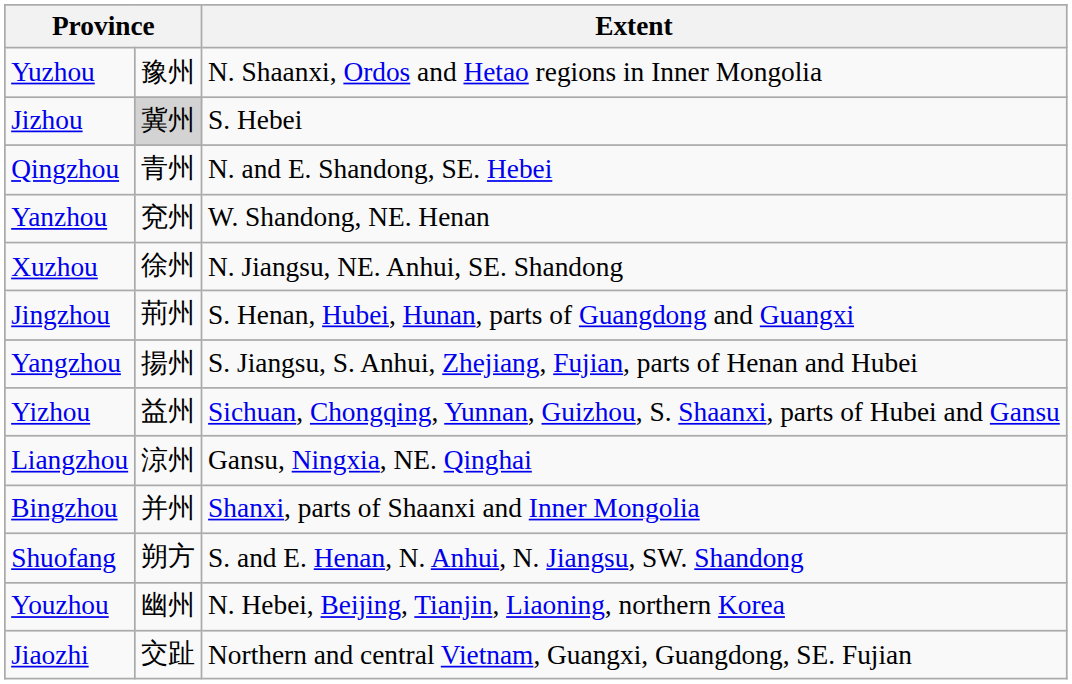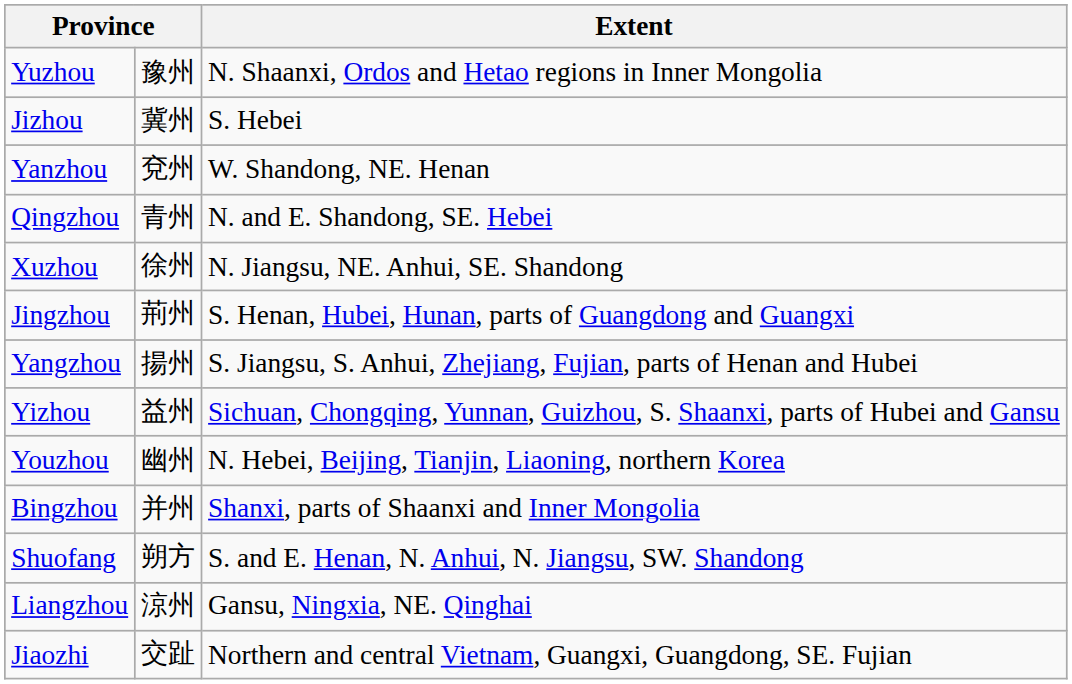 <table class="wikitable">
 <tr>
 <th colspan=2>Province</th>
 <th>Extent</th>
 </tr>
 <tr>
 <td><a href='#'>Yuzhou</a></td>
 <td>豫州</td>
 <td>N. Shaanxi, <a href='#'>Ordos</a> and <a href='#'>Hetao</a> regions in Inner Mongolia</td>
 </tr>
 <tr>
 <td><a href='#'>Jizhou</a></td>
-<td style="background: lightgrey;">冀州</td>
+<td>冀州</td>
 <td>S. Hebei</td>
+</tr>
+<tr>
+<td><a href='#'>Yanzhou</a></td>
+<td>兗州</td>
+<td>W. Shandong, NE. Henan</td>
 </tr>
 <tr>
 <td><a href='#'>Qingzhou</a></td>
 <td>青州</td>
 <td>N. and E. Shandong, SE. <a href='#'>Hebei</a></td>
-</tr>
-<tr>
-<td><a href='#'>Yanzhou</a></td>
-<td>兗州</td>
-<td>W. Shandong, NE. Henan</td>
 </tr>
 <tr>
 <td><a href='#'>Xuzhou</a></td>
 <td>徐州</td>
 <td>N. Jiangsu, NE. Anhui, SE. Shandong</td>
 </tr>
 <tr>
 <td><a href='#'>Jingzhou</a></td>
 <td>荊州</td>
 <td>S. Henan, <a href='#'>Hubei</a>, <a href='#'>Hunan</a>, parts of <a href='#'>Guangdong</a> and <a href='#'>Guangxi</a></td>
 </tr>
 <tr>
 <td><a href='#'>Yangzhou</a></td>
 <td>揚州</td>
 <td>S. Jiangsu, S. Anhui, <a href='#'>Zhejiang</a>, <a href='#'>Fujian</a>, parts of Henan and Hubei</td>
 </tr>
 <tr>
 <td><a href='#'>Yizhou</a></td>
 <td>益州</td>
 <td><a href='#'>Sichuan</a>, <a href='#'>Chongqing</a>, <a href='#'>Yunnan</a>, <a href='#'>Guizhou</a>, S. <a href='#'>Shaanxi</a>, parts of Hubei and <a href='#'>Gansu</a></td>
 </tr>
 <tr>
-<td><a href='#'>Liangzhou</a></td>
-<td>涼州</td>
-<td>Gansu, <a href='#'>Ningxia</a>, NE. <a href='#'>Qinghai</a></td>
+<td><a href='#'>Youzhou</a></td>
+<td>幽州</td>
+<td>N. Hebei, <a href='#'>Beijing</a>, <a href='#'>Tianjin</a>, <a href='#'>Liaoning</a>, northern <a href='#'>Korea</a></td>
 </tr>
 <tr>
 <td><a href='#'>Bingzhou</a></td>
 <td>并州</td>
 <td><a href='#'>Shanxi</a>, parts of Shaanxi and <a href='#'>Inner Mongolia</a></td>
 </tr>
 <tr>
 <td><a href='#'>Shuofang</a></td>
 <td>朔方</td>
 <td>S. and E. <a href='#'>Henan</a>, N. <a href='#'>Anhui</a>, N. <a href='#'>Jiangsu</a>, SW. <a href='#'>Shandong</a></td>
 </tr>
 <tr>
-<td><a href='#'>Youzhou</a></td>
-<td>幽州</td>
-<td>N. Hebei, <a href='#'>Beijing</a>, <a href='#'>Tianjin</a>, <a href='#'>Liaoning</a>, northern <a href='#'>Korea</a></td>
+<td><a href='#'>Liangzhou</a></td>
+<td>涼州</td>
+<td>Gansu, <a href='#'>Ningxia</a>, NE. <a href='#'>Qinghai</a></td>
 </tr>
 <tr>
 <td><a href='#'>Jiaozhi</a></td>
 <td>交趾</td>
 <td>Northern and central <a href='#'>Vietnam</a>, Guangxi, Guangdong, SE. Fujian</td>
 </tr>
 </table>
